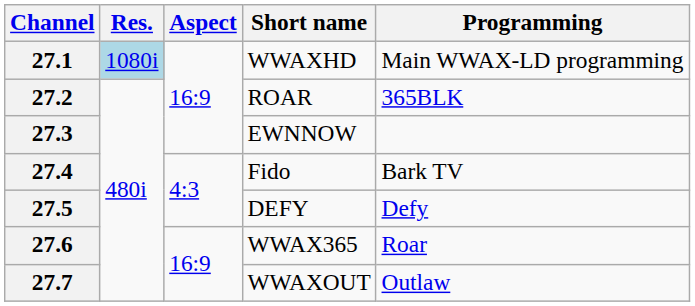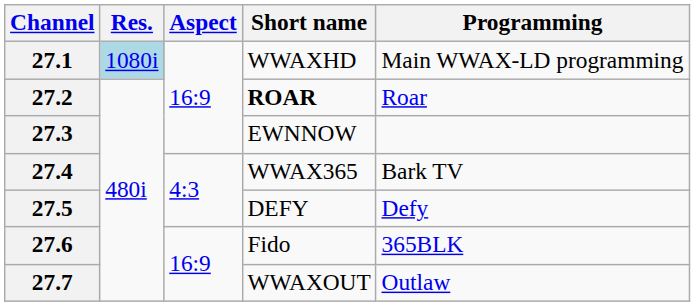 <table class="wikitable">
 <tr>
 <th scope = "col"><a href='#'>Channel</a></th>
 <th scope = "col"><a href='#'>Res.</a></th>
 <th scope = "col"><a href='#'>Aspect</a></th>
 <th scope = "col">Short name</th>
 <th scope = "col">Programming</th>
 </tr>
 <tr>
 <th scope = "row">27.1</th>
 <td style="background: lightblue;"><a href='#'>1080i</a></td>
 <td rowspan=3><a href='#'>16:9</a></td>
 <td>WWAXHD</td>
 <td>Main WWAX-LD programming</td>
 </tr>
 <tr>
 <th scope = "row">27.2</th>
 <td rowspan=6><a href='#'>480i</a></td>
-<td>ROAR</td>
-<td><a href='#'>365BLK</a></td>
+<td><strong>ROAR</strong></td>
+<td><a href='#'>Roar</a></td>
 </tr>
 <tr>
 <th scope = "row">27.3</th>
 <td>EWNNOW</td>
 <td></td>
 </tr>
 <tr>
 <th scope = "row">27.4</th>
 <td rowspan=2><a href='#'>4:3</a></td>
-<td>Fido</td>
+<td>WWAX365</td>
 <td>Bark TV</td>
 </tr>
 <tr>
 <th scope = "row">27.5</th>
 <td>DEFY</td>
 <td><a href='#'>Defy</a></td>
 </tr>
 <tr>
 <th scope = "row">27.6</th>
 <td rowspan=2><a href='#'>16:9</a></td>
-<td>WWAX365</td>
-<td><a href='#'>Roar</a></td>
+<td>Fido</td>
+<td><a href='#'>365BLK</a></td>
 </tr>
 <tr>
 <th scope = "row">27.7</th>
 <td>WWAXOUT</td>
 <td><a href='#'>Outlaw</a></td>
 </tr>
 </table>
